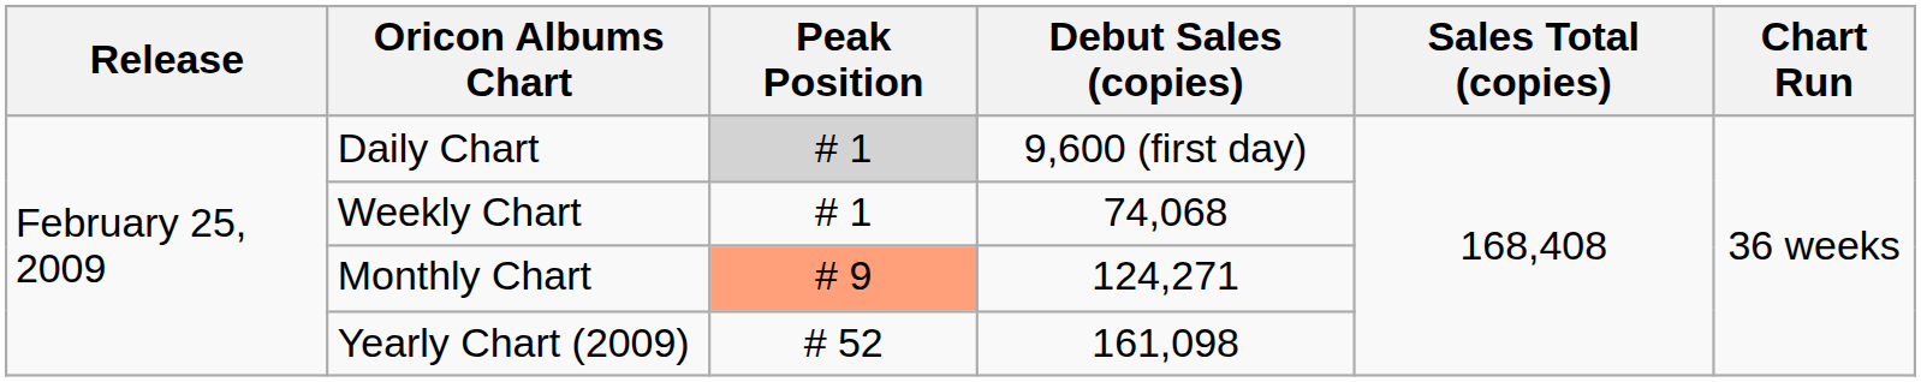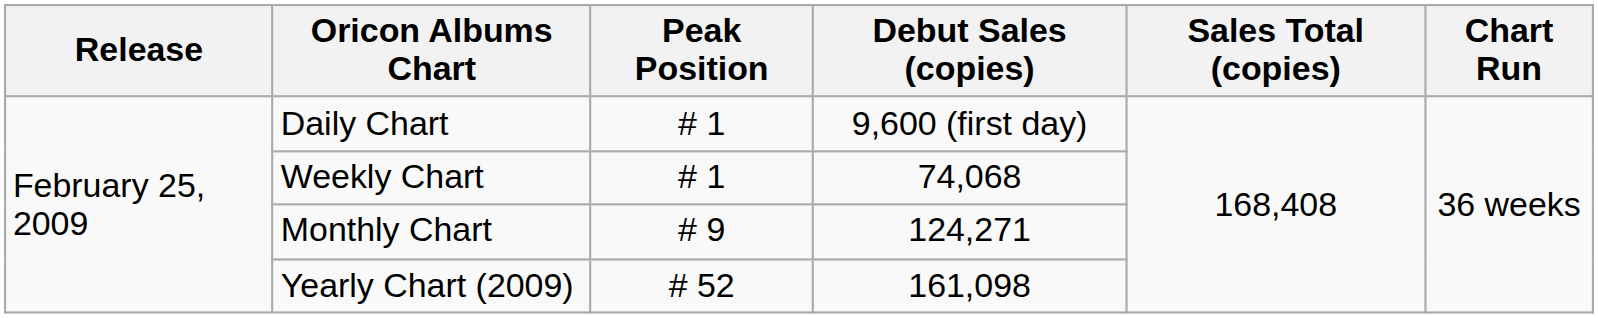 <table class="wikitable" width="750px">
 <tr>
 <th>Release</th>
 <th>Oricon Albums Chart</th>
 <th>Peak Position</th>
 <th>Debut Sales (copies)</th>
 <th>Sales Total (copies)</th>
 <th>Chart Run</th>
 </tr>
 <tr>
 <td rowspan="4">February 25, 2009</td>
 <td>Daily Chart</td>
-<td align="center" style="background: lightgrey;"># 1</td>
+<td align="center"># 1</td>
 <td align="center">9,600 (first day)</td>
 <td rowspan="4" align="center">168,408</td>
 <td rowspan="4" align="center">36 weeks</td>
 </tr>
 <tr>
 <td>Weekly Chart</td>
 <td align="center"># 1</td>
 <td align="center">74,068</td>
 </tr>
 <tr>
 <td>Monthly Chart</td>
-<td align="center" style="background: lightsalmon;"># 9</td>
+<td align="center"># 9</td>
 <td align="center">124,271</td>
 </tr>
 <tr>
 <td>Yearly Chart (2009)</td>
 <td align="center"># 52</td>
 <td align="center">161,098</td>
 </tr>
 </table>
